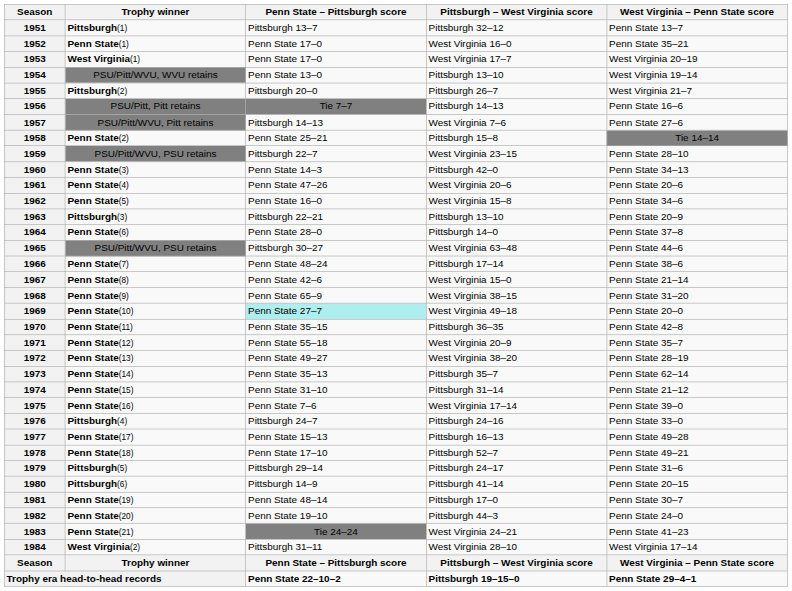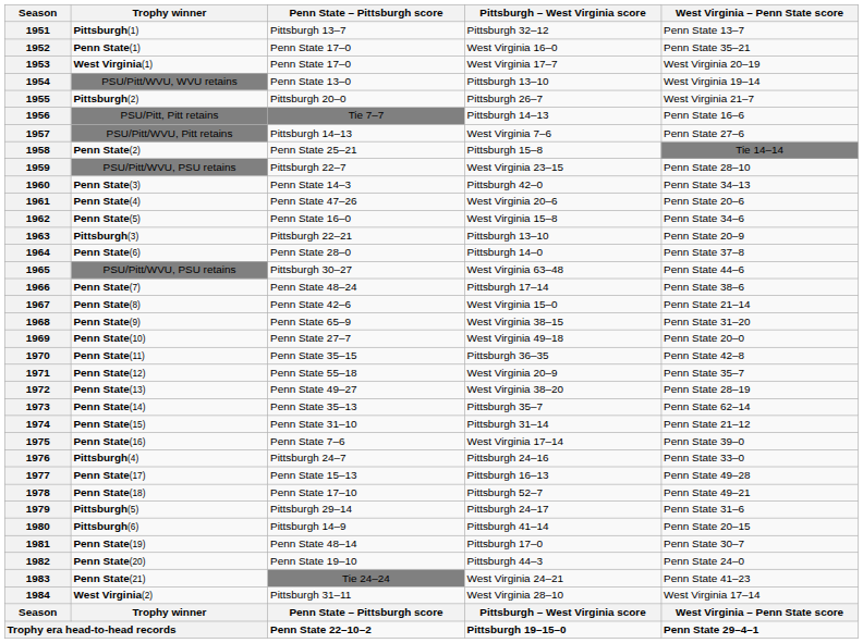 <table class="wikitable" width="100%" style="margin: 1em auto 1em auto">
 <tr>
 <th width="5%">Season</th>
 <th width="15%">Trophy winner</th>
 <th width="15%">Penn State – Pittsburgh score</th>
 <th width="15%">Pittsburgh – West Virginia score</th>
 <th width="15%">West Virginia – Penn State score</th>
 </tr>
 <tr>
 <th>1951</th>
 <td><strong>Pittsburgh</strong><small>(1)</small></td>
 <td>Pittsburgh 13–7</td>
 <td>Pittsburgh 32–12</td>
 <td>Penn State 13–7</td>
 </tr>
 <tr>
 <th>1952</th>
 <td><strong>Penn State</strong><small>(1)</small></td>
 <td>Penn State 17–0</td>
 <td>West Virginia 16–0</td>
 <td>Penn State 35–21</td>
 </tr>
 <tr>
 <th><strong>1953</strong></th>
 <td><strong>West Virginia</strong><small>(1)</small></td>
 <td>Penn State 17–0</td>
 <td>West Virginia 17–7</td>
 <td>West Virginia 20–19</td>
 </tr>
 <tr>
 <th>1954</th>
 <td style="background: gray; color: black; text-align:center;">PSU/Pitt/WVU, WVU retains</td>
 <td>Penn State 13–0</td>
 <td>Pittsburgh 13–10</td>
 <td>West Virginia 19–14</td>
 </tr>
 <tr>
 <th>1955</th>
 <td><strong>Pittsburgh</strong><small>(2)</small></td>
 <td>Pittsburgh 20–0</td>
 <td>Pittsburgh 26–7</td>
 <td>West Virginia 21–7</td>
 </tr>
 <tr>
 <th>1956</th>
 <td style="background: gray; color: black; text-align:center;">PSU/Pitt, Pitt retains</td>
 <td style="background: gray; color: black; text-align:center;">Tie 7–7</td>
 <td>Pittsburgh 14–13</td>
 <td>Penn State 16–6</td>
 </tr>
 <tr>
 <th>1957</th>
 <td style="background: gray; color: black; text-align:center;">PSU/Pitt/WVU, Pitt retains</td>
 <td>Pittsburgh 14–13</td>
 <td>West Virginia 7–6</td>
 <td>Penn State 27–6</td>
 </tr>
 <tr>
 <th>1958</th>
 <td><strong>Penn State</strong><small>(2)</small></td>
 <td>Penn State 25–21</td>
 <td>Pittsburgh 15–8</td>
 <td style="background: gray; color: black; text-align:center;">Tie 14–14</td>
 </tr>
 <tr>
 <th>1959</th>
 <td style="background: gray; color: black; text-align:center;">PSU/Pitt/WVU, PSU retains</td>
 <td>Pittsburgh 22–7</td>
 <td>West Virginia 23–15</td>
 <td>Penn State 28–10</td>
 </tr>
 <tr>
 <th>1960</th>
 <td><strong>Penn State</strong><small>(3)</small></td>
 <td>Penn State 14–3</td>
 <td>Pittsburgh 42–0</td>
 <td>Penn State 34–13</td>
 </tr>
 <tr>
 <th>1961</th>
 <td><strong>Penn State</strong><small>(4)</small></td>
 <td>Penn State 47–26</td>
 <td>West Virginia 20–6</td>
 <td>Penn State 20–6</td>
 </tr>
 <tr>
 <th>1962</th>
 <td><strong>Penn State</strong><small>(5)</small></td>
 <td>Penn State 16–0</td>
 <td>West Virginia 15–8</td>
 <td>Penn State 34–6</td>
 </tr>
 <tr>
 <th>1963</th>
 <td><strong>Pittsburgh</strong><small>(3)</small></td>
 <td>Pittsburgh 22–21</td>
 <td>Pittsburgh 13–10</td>
 <td>Penn State 20–9</td>
 </tr>
 <tr>
 <th>1964</th>
 <td><strong>Penn State</strong><small>(6)</small></td>
 <td>Penn State 28–0</td>
 <td>Pittsburgh 14–0</td>
 <td>Penn State 37–8</td>
 </tr>
 <tr>
 <th>1965</th>
 <td style="background: gray; color: black; text-align:center;">PSU/Pitt/WVU, PSU retains</td>
 <td>Pittsburgh 30–27</td>
 <td>West Virginia 63–48</td>
 <td>Penn State 44–6</td>
 </tr>
 <tr>
 <th>1966</th>
 <td><strong>Penn State</strong><small>(7)</small></td>
 <td>Penn State 48–24</td>
 <td>Pittsburgh 17–14</td>
 <td>Penn State 38–6</td>
 </tr>
 <tr>
 <th>1967</th>
 <td><strong>Penn State</strong><small>(8)</small></td>
 <td>Penn State 42–6</td>
 <td>West Virginia 15–0</td>
 <td>Penn State 21–14</td>
 </tr>
 <tr>
 <th>1968</th>
 <td><strong>Penn State</strong><small>(9)</small></td>
 <td>Penn State 65–9</td>
 <td>West Virginia 38–15</td>
 <td>Penn State 31–20</td>
 </tr>
 <tr>
 <th>1969</th>
 <td><strong>Penn State</strong><small>(10)</small></td>
-<td style="background: paleturquoise;">Penn State 27–7</td>
+<td>Penn State 27–7</td>
 <td>West Virginia 49–18</td>
 <td>Penn State 20–0</td>
 </tr>
 <tr>
 <th>1970</th>
 <td><strong>Penn State</strong><small>(11)</small></td>
 <td>Penn State 35–15</td>
 <td>Pittsburgh 36–35</td>
 <td>Penn State 42–8</td>
 </tr>
 <tr>
 <th>1971</th>
 <td><strong>Penn State</strong><small>(12)</small></td>
 <td>Penn State 55–18</td>
 <td>West Virginia 20–9</td>
 <td>Penn State 35–7</td>
 </tr>
 <tr>
 <th>1972</th>
 <td><strong>Penn State</strong><small>(13)</small></td>
 <td>Penn State 49–27</td>
 <td>West Virginia 38–20</td>
 <td>Penn State 28–19</td>
 </tr>
 <tr>
 <th>1973</th>
 <td><strong>Penn State</strong><small>(14)</small></td>
 <td>Penn State 35–13</td>
 <td>Pittsburgh 35–7</td>
 <td>Penn State 62–14</td>
 </tr>
 <tr>
 <th>1974</th>
 <td><strong>Penn State</strong><small>(15)</small></td>
 <td>Penn State 31–10</td>
 <td>Pittsburgh 31–14</td>
 <td>Penn State 21–12</td>
 </tr>
 <tr>
 <th>1975</th>
 <td><strong>Penn State</strong><small>(16)</small></td>
 <td>Penn State 7–6</td>
 <td>West Virginia 17–14</td>
 <td>Penn State 39–0</td>
 </tr>
 <tr>
 <th>1976</th>
 <td><strong>Pittsburgh</strong><small>(4)</small></td>
 <td>Pittsburgh 24–7</td>
 <td>Pittsburgh 24–16</td>
 <td>Penn State 33–0</td>
 </tr>
 <tr>
 <th>1977</th>
 <td><strong>Penn State</strong><small>(17)</small></td>
 <td>Penn State 15–13</td>
 <td>Pittsburgh 16–13</td>
 <td>Penn State 49–28</td>
 </tr>
 <tr>
 <th>1978</th>
 <td><strong>Penn State</strong><small>(18)</small></td>
 <td>Penn State 17–10</td>
 <td>Pittsburgh 52–7</td>
 <td>Penn State 49–21</td>
 </tr>
 <tr>
 <th>1979</th>
 <td><strong>Pittsburgh</strong><small>(5)</small></td>
 <td>Pittsburgh 29–14</td>
 <td>Pittsburgh 24–17</td>
 <td>Penn State 31–6</td>
 </tr>
 <tr>
 <th>1980</th>
 <td><strong>Pittsburgh</strong><small>(6)</small></td>
 <td>Pittsburgh 14–9</td>
 <td>Pittsburgh 41–14</td>
 <td>Penn State 20–15</td>
 </tr>
 <tr>
 <th>1981</th>
 <td><strong>Penn State</strong><small>(19)</small></td>
 <td>Penn State 48–14</td>
 <td>Pittsburgh 17–0</td>
 <td>Penn State 30–7</td>
 </tr>
 <tr>
 <th>1982</th>
 <td><strong>Penn State</strong><small>(20)</small></td>
 <td>Penn State 19–10</td>
 <td>Pittsburgh 44–3</td>
 <td>Penn State 24–0</td>
 </tr>
 <tr>
 <th>1983</th>
 <td><strong>Penn State</strong><small>(21)</small></td>
 <td style="background: gray; color: black; text-align:center;">Tie 24–24</td>
 <td>West Virginia 24–21</td>
 <td>Penn State 41–23</td>
 </tr>
 <tr>
 <th>1984</th>
 <td><strong>West Virginia</strong><small>(2)</small></td>
 <td>Pittsburgh 31–11</td>
 <td>West Virginia 28–10</td>
 <td>West Virginia 17–14</td>
 </tr>
 <tr>
 <th>Season</th>
 <th>Trophy winner</th>
 <th>Penn State – Pittsburgh score</th>
 <th>Pittsburgh – West Virginia score</th>
 <th>West Virginia – Penn State score</th>
 </tr>
 <tr>
 <th colspan="2" align="right" style="text-align: left;">Trophy era head-to-head records</th>
 <td><strong>Penn State 22–10–2</strong></td>
 <td><strong>Pittsburgh 19–15–0</strong></td>
 <td><strong>Penn State 29–4–1</strong></td>
 </tr>
 </table>
